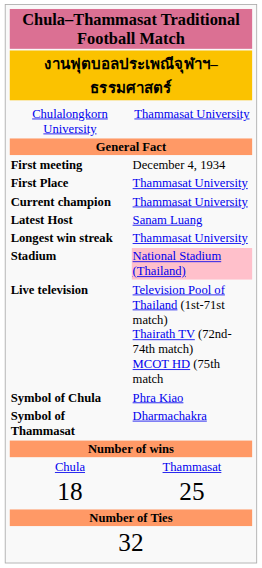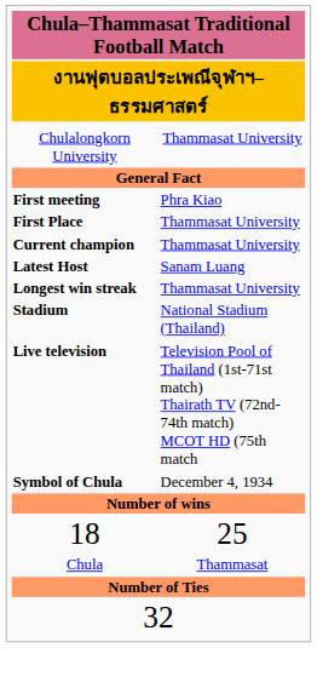 <table class="infobox" style="width: 20em; font-size: 95%;">
 <tr>
 <td colspan="2" style="text-align: center; font-size: 130%;background:#DB7093; width:100%"><strong>Chula–Thammasat Traditional Football Match</strong><br></td>
 </tr>
 <tr>
 <td colspan="2" style="width:100%; vertical-align:middle; text-align:center; background:#FBC200"><strong><big>งานฟุตบอลประเพณีจุฬาฯ–ธรรมศาสตร์</big></strong></td>
 </tr>
 <tr>
 <td style="width:50%; vertical-align:middle; text-align:center;"></td>
 <td style="width:50%; vertical-align:middle; text-align:center;"></td>
 </tr>
 <tr>
 <td style="text-align:center;"><a href='#'>Chulalongkorn University</a></td>
 <td style="text-align:center;"><a href='#'>Thammasat University</a></td>
 </tr>
 <tr>
 <td colspan="2" style="text-align: center; font-size: 100%; background:#FF9966; font-size: 100%"><strong>General Fact</strong></td>
 </tr>
 <tr>
 <td><strong>First meeting</strong></td>
-<td>December 4, 1934</td>
+<td><a href='#'>Phra Kiao</a></td>
 </tr>
 <tr>
 <td><strong>First Place</strong></td>
 <td><a href='#'>Thammasat University</a></td>
 </tr>
 <tr>
 <td><strong> Current champion </strong></td>
 <td><a href='#'>Thammasat University</a></td>
 </tr>
 <tr>
 <td><strong>Latest Host</strong></td>
 <td><a href='#'>Sanam Luang</a></td>
 </tr>
 <tr>
 <td><strong>Longest win streak</strong></td>
 <td><a href='#'>Thammasat University</a></td>
 </tr>
 <tr>
 <td><strong>Stadium</strong></td>
-<td style="background: pink;"><a href='#'>National Stadium (Thailand)</a></td>
+<td><a href='#'>National Stadium (Thailand)</a></td>
 </tr>
 <tr>
 <td><strong>Live television</strong></td>
 <td><a href='#'>Television Pool of Thailand</a> (1st-71st match)<br><a href='#'>Thairath TV</a> (72nd-74th match) <br> <a href='#'>MCOT HD</a> (75th match</td>
 </tr>
 <tr>
 <td><strong>Symbol of Chula</strong></td>
-<td><a href='#'>Phra Kiao</a></td>
-</tr>
-<tr>
-<td><strong>Symbol of Thammasat</strong></td>
-<td><a href='#'>Dharmachakra</a></td>
+<td>December 4, 1934</td>
 </tr>
 <tr>
 <td colspan="2" style="text-align: center; font-size: 100%; background:#FF9966;"><strong>Number of wins</strong></td>
 </tr>
 <tr>
+<td style="text-align:center;font-size: 200%;">18</td>
+<td style="text-align:center;font-size: 200%;">25</td>
+</tr>
+<tr>
 <td style="text-align:center;"><a href='#'>Chula</a></td>
 <td style="text-align:center;"><a href='#'>Thammasat</a></td>
-</tr>
-<tr>
-<td style="text-align:center;font-size: 200%;">18</td>
-<td style="text-align:center;font-size: 200%;">25</td>
 </tr>
 <tr>
 <td colspan="2" style="text-align: center; font-size: 100%; background:#FF9966;"><strong>Number of Ties</strong></td>
 </tr>
 <tr>
 <td colspan="2" style="text-align: center; font-size: 200%;">32</td>
 </tr>
 </table>
